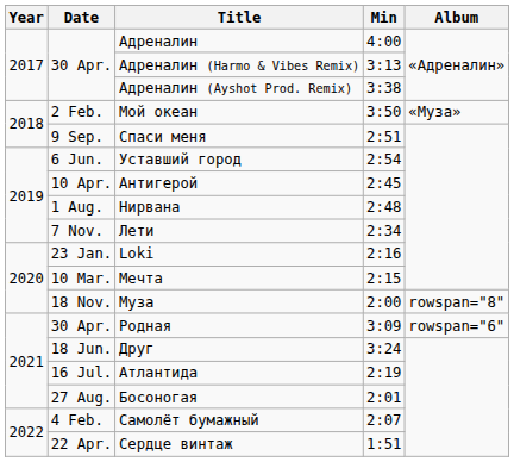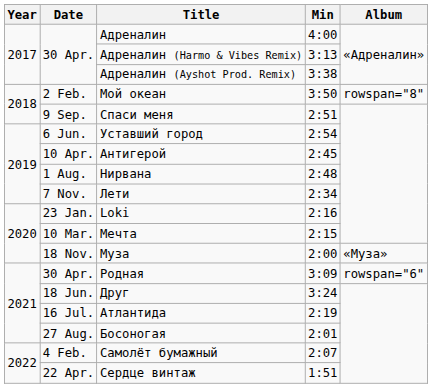 <table class="wikitable tiles">
 <tr>
 <th>Year</th>
 <th>Date</th>
 <th>Title</th>
 <th>Min</th>
 <th>Album</th>
 </tr>
 <tr>
 <td rowspan="3">2017</td>
 <td rowspan="3">30 Apr.</td>
 <td>Адреналин</td>
 <td>4:00</td>
 <td rowspan="3">«Адреналин»</td>
 </tr>
 <tr>
 <td>Адреналин <small>(Harmo & Vibes Remix)</small></td>
 <td>3:13</td>
 </tr>
 <tr>
 <td>Адреналин <small>(Ayshot Prod. </small><small>Remix)</small></td>
 <td>3:38</td>
 </tr>
 <tr>
 <td rowspan="2">2018</td>
 <td>2 Feb.</td>
 <td>Мой океан</td>
 <td>3:50</td>
-<td>«Муза»</td>
+<td>rowspan="8" </td>
 </tr>
 <tr>
 <td>9 Sep.</td>
 <td>Спаси меня</td>
 <td>2:51</td>
 </tr>
 <tr>
 <td rowspan="4">2019</td>
 <td>6 Jun.</td>
 <td>Уставший город</td>
 <td>2:54</td>
 </tr>
 <tr>
 <td>10 Apr.</td>
 <td>Антигерой</td>
 <td>2:45</td>
 </tr>
 <tr>
 <td>1 Aug.</td>
 <td>Нирвана</td>
 <td>2:48</td>
 </tr>
 <tr>
 <td>7 Nov.</td>
 <td>Лети</td>
 <td>2:34</td>
 </tr>
 <tr>
 <td rowspan="3">2020</td>
 <td>23 Jan.</td>
 <td>Loki</td>
 <td>2:16</td>
 </tr>
 <tr>
 <td>10 Mar.</td>
 <td>Мечта</td>
 <td>2:15</td>
 </tr>
 <tr>
 <td>18 Nov.</td>
 <td>Муза</td>
 <td>2:00</td>
-<td>rowspan="8" </td>
+<td>«Муза»</td>
 </tr>
 <tr>
 <td rowspan="4">2021</td>
 <td>30 Apr.</td>
 <td>Родная</td>
 <td>3:09</td>
 <td>rowspan="6" </td>
 </tr>
 <tr>
 <td>18 Jun.</td>
 <td>Друг</td>
 <td>3:24</td>
 </tr>
 <tr>
 <td>16 Jul.</td>
 <td>Атлантида</td>
 <td>2:19</td>
 </tr>
 <tr>
 <td>27 Aug.</td>
 <td>Босоногая</td>
 <td>2:01</td>
 </tr>
 <tr>
 <td rowspan="2">2022</td>
 <td>4 Feb.</td>
 <td>Самолёт бумажный</td>
 <td>2:07</td>
 </tr>
 <tr>
 <td>22 Apr.</td>
 <td>Сердце винтаж</td>
 <td>1:51</td>
 </tr>
 </table>
